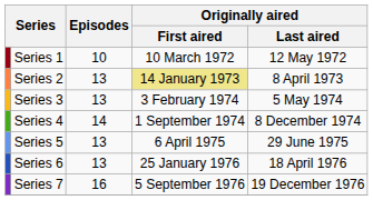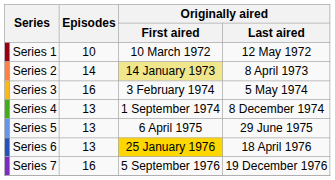 <table class="wikitable plainrowheaders" style="text-align:center;">
 <tr>
 <th colspan="2" rowspan="2">Series</th>
 <th rowspan="2">Episodes</th>
 <th colspan="2">Originally aired</th>
 </tr>
 <tr>
 <th>First aired</th>
 <th>Last aired</th>
 </tr>
 <tr>
 <th style="background:#990012"></th>
 <td>Series 1</td>
 <td>10</td>
 <td>10 March 1972</td>
 <td>12 May 1972</td>
 </tr>
 <tr>
 <th style="background:#FF8040"></th>
 <td>Series 2</td>
-<td>13</td>
+<td>14</td>
 <td style="background: khaki;">14 January 1973</td>
 <td>8 April 1973</td>
 </tr>
 <tr>
 <th style="background:#FBB917"></th>
 <td>Series 3</td>
-<td>13</td>
+<td>16</td>
 <td>3 February 1974</td>
 <td>5 May 1974</td>
 </tr>
 <tr>
 <th style="background:#44AC18"></th>
 <td>Series 4</td>
-<td>14</td>
+<td>13</td>
 <td>1 September 1974</td>
 <td>8 December 1974</td>
 </tr>
 <tr>
 <th style="background:#6495ED"></th>
 <td>Series 5</td>
 <td>13</td>
 <td>6 April 1975</td>
 <td>29 June 1975</td>
 </tr>
 <tr>
 <th style="background:#2451BB"></th>
 <td>Series 6</td>
 <td>13</td>
-<td>25 January 1976</td>
+<td style="background: gold;">25 January 1976</td>
 <td>18 April 1976</td>
 </tr>
 <tr>
 <th style="background:#7C2BC3"></th>
 <td>Series 7</td>
 <td>16</td>
 <td>5 September 1976</td>
 <td>19 December 1976</td>
 </tr>
 <tr>
 </tr>
 </table>
